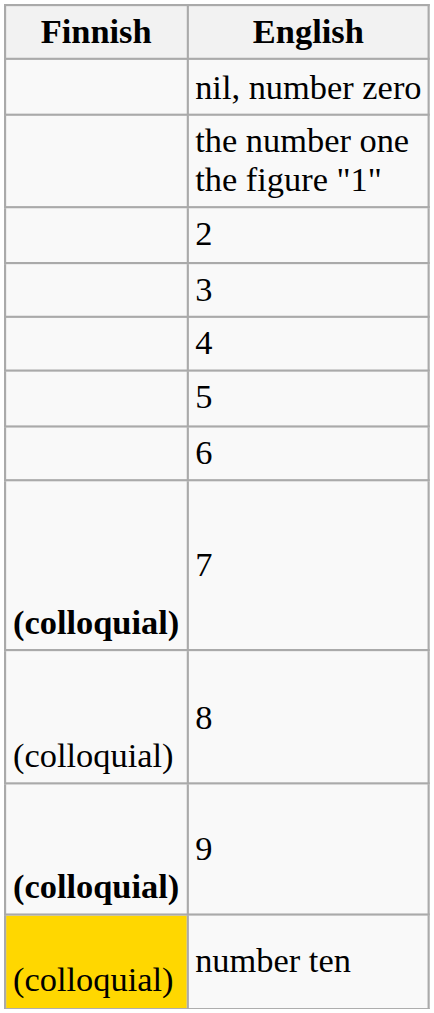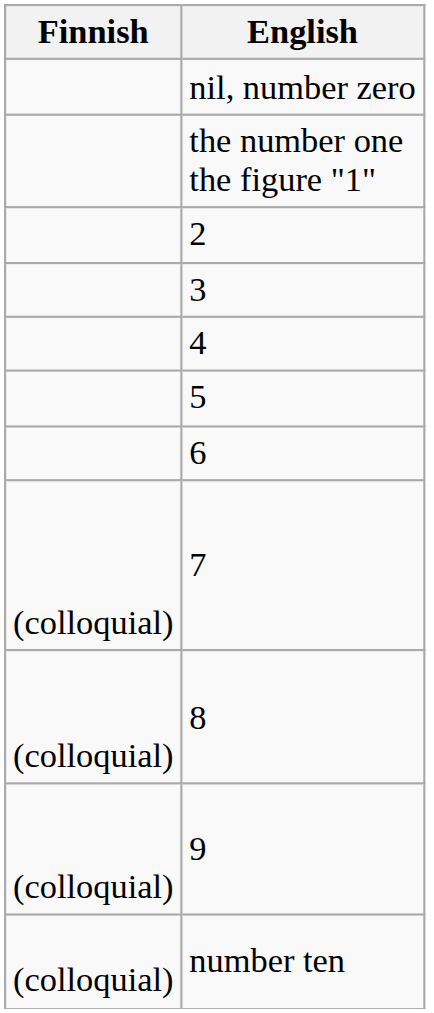 <table class="wikitable">
 <tr>
 <th>Finnish</th>
 <th>English</th>
 </tr>
 <tr>
 <td></td>
 <td>nil, number zero</td>
 </tr>
 <tr>
 <td></td>
 <td>the number one<br>the figure "1"</td>
 </tr>
 <tr>
 <td></td>
 <td>2</td>
 </tr>
 <tr>
 <td></td>
 <td>3</td>
 </tr>
 <tr>
 <td></td>
 <td>4</td>
 </tr>
 <tr>
 <td></td>
 <td>5</td>
 </tr>
 <tr>
 <td></td>
 <td>6</td>
 </tr>
 <tr>
-<td><strong><br><br><br> (colloquial)</strong></td>
+<td><br><br><br> (colloquial)</td>
 <td>7</td>
 </tr>
 <tr>
 <td><br><br> (colloquial)</td>
 <td>8</td>
 </tr>
 <tr>
-<td><strong><br><br> (colloquial)</strong></td>
+<td><br><br> (colloquial)</td>
 <td>9</td>
 </tr>
 <tr>
-<td style="background: gold;"><br> (colloquial)</td>
+<td><br> (colloquial)</td>
 <td>number ten</td>
 </tr>
 </table>
